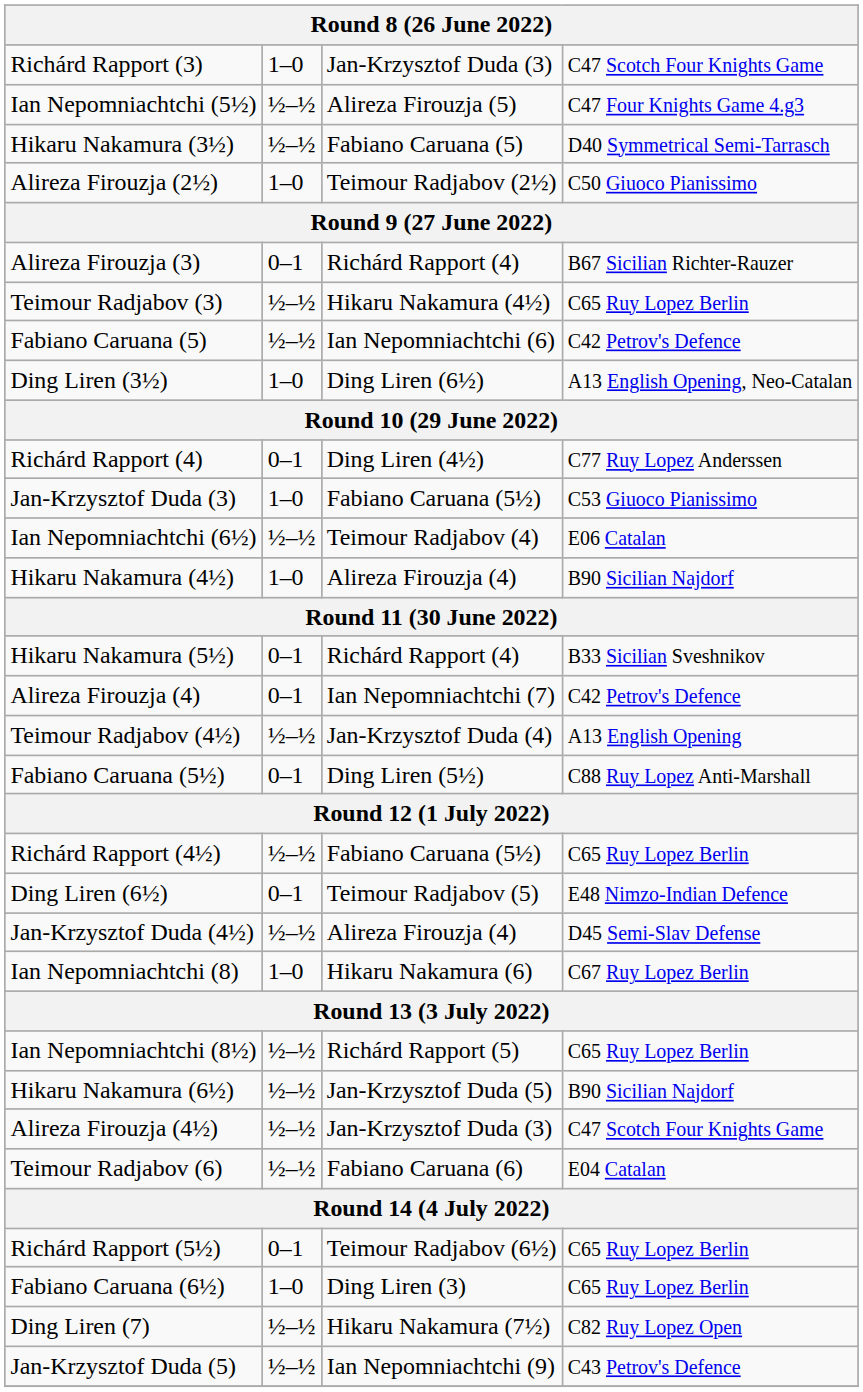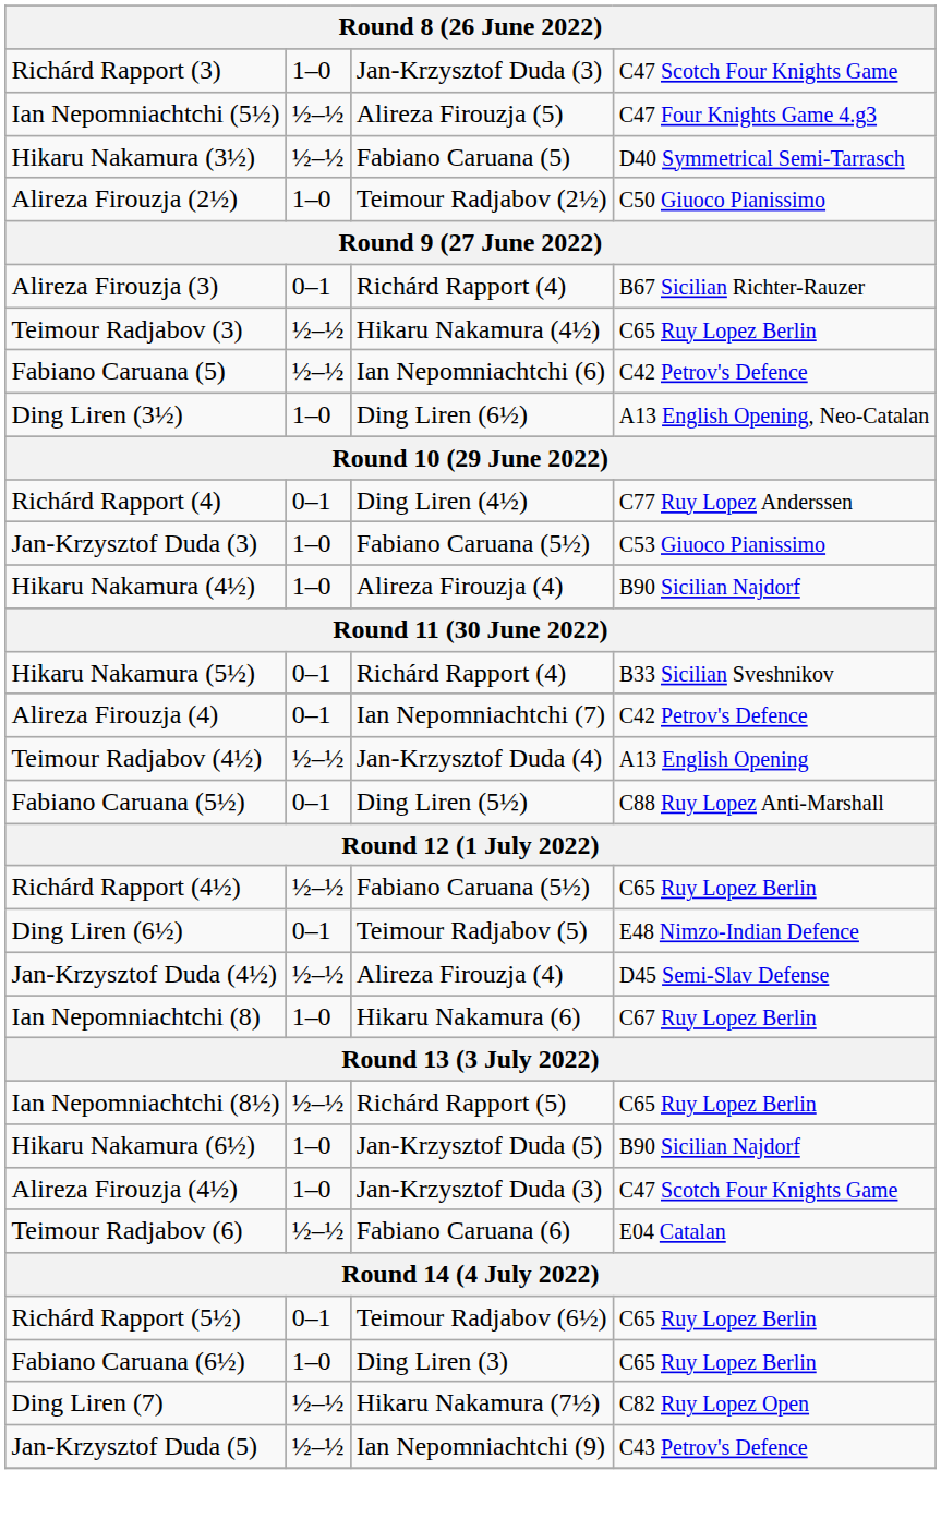 <table class="wikitable mw-collapsible" style="display:inline-table; font-size: 90%">
 <tr>
 <th colspan="4">Round 8 (26 June 2022)</th>
 </tr>
 <tr>
 <td>Richárd Rapport (3)</td>
 <td>1–0</td>
 <td>Jan-Krzysztof Duda (3)</td>
 <td><small>C47 <a href='#'>Scotch Four Knights Game</a></small></td>
 </tr>
 <tr>
 <td>Ian Nepomniachtchi (5½)</td>
 <td>½–½</td>
 <td>Alireza Firouzja (5)</td>
 <td><small>C47 <a href='#'>Four Knights Game 4.g3</a></small></td>
 </tr>
 <tr>
 <td>Hikaru Nakamura (3½)</td>
 <td>½–½</td>
 <td>Fabiano Caruana (5)</td>
 <td><small>D40 <a href='#'>Symmetrical Semi-Tarrasch</a> </small></td>
 </tr>
 <tr>
 <td>Alireza Firouzja (2½)</td>
 <td>1–0</td>
 <td>Teimour Radjabov (2½)</td>
 <td><small>C50 <a href='#'>Giuoco Pianissimo</a></small></td>
 </tr>
 <tr>
 <th colspan="4">Round 9 (27 June 2022)</th>
 </tr>
 <tr>
 <td>Alireza Firouzja (3)</td>
 <td>0–1</td>
 <td>Richárd Rapport (4)</td>
 <td><small>B67 <a href='#'>Sicilian</a> Richter-Rauzer</small></td>
 </tr>
 <tr>
 <td>Teimour Radjabov (3)</td>
 <td>½–½</td>
 <td>Hikaru Nakamura (4½)</td>
 <td><small>C65 <a href='#'>Ruy Lopez Berlin</a></small></td>
 </tr>
 <tr>
 <td>Fabiano Caruana (5)</td>
 <td>½–½</td>
 <td>Ian Nepomniachtchi (6)</td>
 <td><small>C42 <a href='#'>Petrov's Defence</a></small></td>
 </tr>
 <tr>
 <td>Ding Liren (3½)</td>
 <td>1–0</td>
 <td>Ding Liren (6½)</td>
 <td><small>A13 <a href='#'>English Opening</a>, Neo-Catalan</small></td>
 </tr>
 <tr>
 <th colspan="4">Round 10 (29 June 2022)</th>
 </tr>
 <tr>
 <td>Richárd Rapport (4)</td>
 <td>0–1</td>
 <td>Ding Liren (4½)</td>
 <td><small>C77 <a href='#'>Ruy Lopez</a> Anderssen</small></td>
 </tr>
 <tr>
 <td>Jan-Krzysztof Duda (3)</td>
 <td>1–0</td>
 <td>Fabiano Caruana (5½)</td>
 <td><small>C53 <a href='#'>Giuoco Pianissimo</a></small></td>
-</tr>
-<tr>
-<td>Ian Nepomniachtchi (6½)</td>
-<td>½–½</td>
-<td>Teimour Radjabov (4)</td>
-<td><small>E06 <a href='#'>Catalan</a></small></td>
 </tr>
 <tr>
 <td>Hikaru Nakamura (4½)</td>
 <td>1–0</td>
 <td>Alireza Firouzja (4)</td>
 <td><small>B90 <a href='#'>Sicilian Najdorf</a></small></td>
 </tr>
 <tr>
 <th colspan="4">Round 11 (30 June 2022)</th>
 </tr>
 <tr>
 <td>Hikaru Nakamura (5½)</td>
 <td>0–1</td>
 <td>Richárd Rapport (4)</td>
 <td><small>B33 <a href='#'>Sicilian</a> Sveshnikov</small></td>
 </tr>
 <tr>
 <td>Alireza Firouzja (4)</td>
 <td>0–1</td>
 <td>Ian Nepomniachtchi (7)</td>
 <td><small>C42 <a href='#'>Petrov's Defence</a></small></td>
 </tr>
 <tr>
 <td>Teimour Radjabov (4½)</td>
 <td>½–½</td>
 <td>Jan-Krzysztof Duda (4)</td>
 <td><small>A13 <a href='#'>English Opening</a></small></td>
 </tr>
 <tr>
 <td>Fabiano Caruana (5½)</td>
 <td>0–1</td>
 <td>Ding Liren (5½)</td>
 <td><small>C88 <a href='#'>Ruy Lopez</a> Anti-Marshall</small></td>
 </tr>
 <tr>
 <th colspan="4">Round 12 (1 July 2022)</th>
 </tr>
 <tr>
 <td>Richárd Rapport (4½)</td>
 <td>½–½</td>
 <td>Fabiano Caruana (5½)</td>
 <td><small>C65 <a href='#'>Ruy Lopez Berlin</a></small></td>
 </tr>
 <tr>
 <td>Ding Liren (6½)</td>
 <td>0–1</td>
 <td>Teimour Radjabov (5)</td>
 <td><small>E48 <a href='#'>Nimzo-Indian Defence</a></small></td>
 </tr>
 <tr>
 <td>Jan-Krzysztof Duda (4½)</td>
 <td>½–½</td>
 <td>Alireza Firouzja (4)</td>
 <td><small>D45 <a href='#'>Semi-Slav Defense</a></small></td>
 </tr>
 <tr>
 <td>Ian Nepomniachtchi (8)</td>
 <td>1–0</td>
 <td>Hikaru Nakamura (6)</td>
 <td><small>C67 <a href='#'>Ruy Lopez Berlin</a></small></td>
 </tr>
 <tr>
 <th colspan="4">Round 13 (3 July 2022)</th>
 </tr>
 <tr>
 <td>Ian Nepomniachtchi (8½)</td>
 <td>½–½</td>
 <td>Richárd Rapport (5)</td>
 <td><small>C65 <a href='#'>Ruy Lopez Berlin</a></small></td>
 </tr>
 <tr>
 <td>Hikaru Nakamura (6½)</td>
-<td>½–½</td>
+<td>1–0</td>
 <td>Jan-Krzysztof Duda (5)</td>
 <td><small>B90 <a href='#'>Sicilian Najdorf</a></small></td>
 </tr>
 <tr>
 <td>Alireza Firouzja (4½)</td>
-<td>½–½</td>
+<td>1–0</td>
 <td>Jan-Krzysztof Duda (3)</td>
 <td><small>C47 <a href='#'>Scotch Four Knights Game</a></small></td>
 </tr>
 <tr>
 <td>Teimour Radjabov (6)</td>
 <td>½–½</td>
 <td>Fabiano Caruana (6)</td>
 <td><small>E04 <a href='#'>Catalan</a></small></td>
 </tr>
 <tr>
 <th colspan="4">Round 14 (4 July 2022)</th>
 </tr>
 <tr>
 <td>Richárd Rapport (5½)</td>
 <td>0–1</td>
 <td>Teimour Radjabov (6½)</td>
 <td><small>C65 <a href='#'>Ruy Lopez Berlin</a></small></td>
 </tr>
 <tr>
 <td>Fabiano Caruana (6½)</td>
 <td>1–0</td>
 <td>Ding Liren (3)</td>
 <td><small>C65 <a href='#'>Ruy Lopez Berlin</a></small></td>
 </tr>
 <tr>
 <td>Ding Liren (7)</td>
 <td>½–½</td>
 <td>Hikaru Nakamura (7½)</td>
 <td><small>C82 <a href='#'>Ruy Lopez Open</a></small></td>
 </tr>
 <tr>
 <td>Jan-Krzysztof Duda (5)</td>
 <td>½–½</td>
 <td>Ian Nepomniachtchi (9)</td>
 <td><small>C43 <a href='#'>Petrov's Defence</a></small></td>
 </tr>
 <tr>
 </tr>
 </table>
